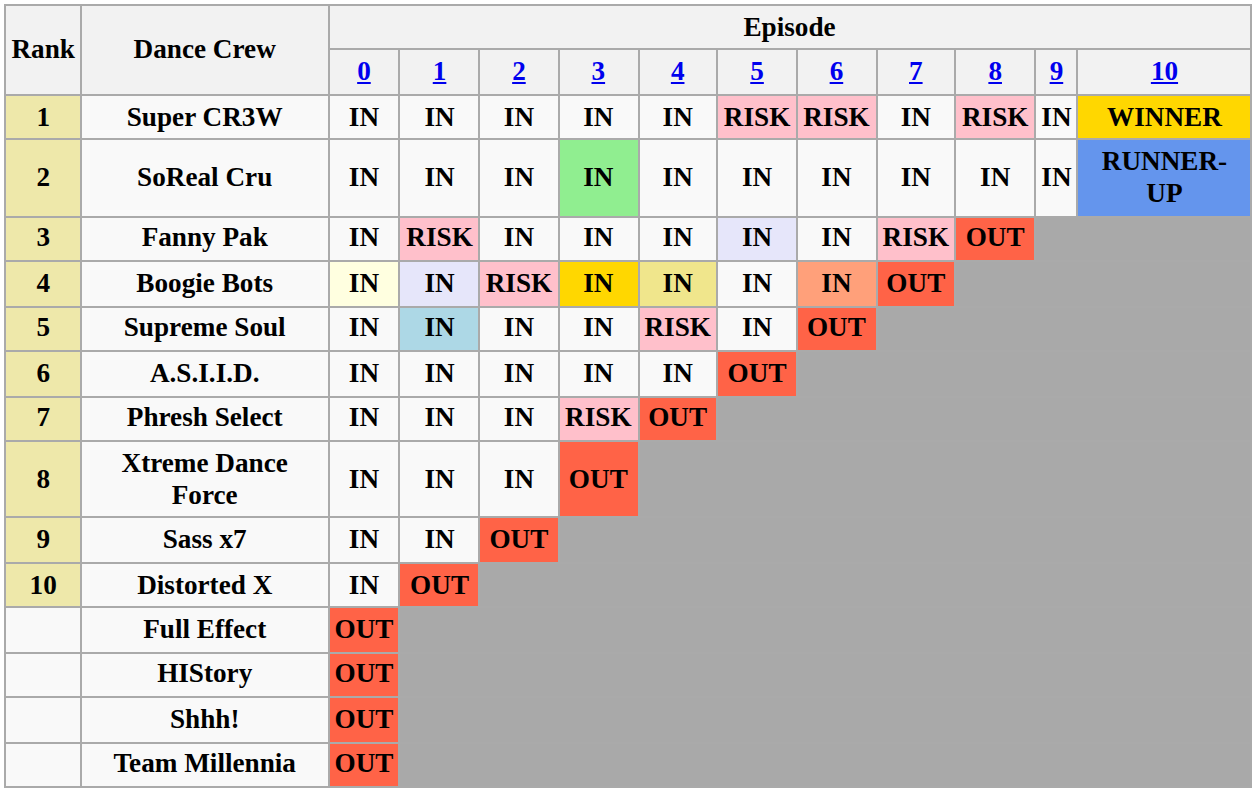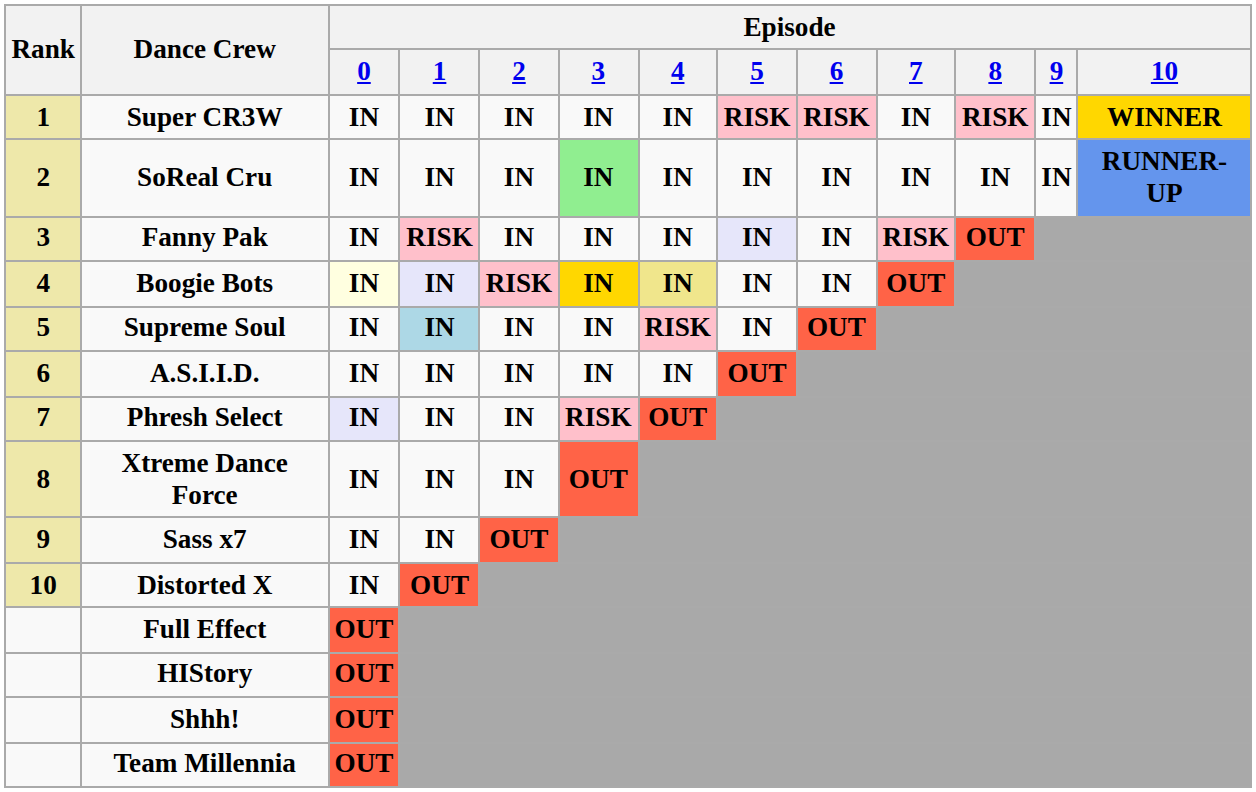 <table class="wikitable" style="margin:1em auto; text-align:center; font-size:85%">
 <tr>
 <th rowspan=2>Rank</th>
 <th rowspan=2>Dance Crew</th>
 <th colspan="18" style="text-align:center;">Episode</th>
 </tr>
 <tr>
 <th><a href='#'>0</a></th>
 <th><a href='#'>1</a></th>
 <th><a href='#'>2</a></th>
 <th><a href='#'>3</a></th>
 <th><a href='#'>4</a></th>
 <th><a href='#'>5</a></th>
 <th><a href='#'>6</a></th>
 <th><a href='#'>7</a></th>
 <th><a href='#'>8</a></th>
 <th><a href='#'>9</a></th>
 <th><a href='#'>10</a></th>
 </tr>
 <tr>
 <td bgcolor="palegoldenrod"><strong>1</strong></td>
 <td><strong>Super CR3W</strong></td>
 <td><strong>IN</strong></td>
 <td><strong>IN</strong></td>
 <td><strong>IN</strong></td>
 <td><strong>IN</strong></td>
 <td><strong>IN</strong></td>
 <td style="background:pink;"><strong>RISK</strong></td>
 <td style="background:pink;"><strong>RISK</strong></td>
 <td><strong>IN</strong></td>
 <td style="background:pink;"><strong>RISK</strong></td>
 <td><strong>IN</strong></td>
 <td style="background:gold;"><strong>WINNER</strong></td>
 </tr>
 <tr>
 <td bgcolor="palegoldenrod"><strong>2</strong></td>
 <td><strong>SoReal Cru</strong></td>
 <td><strong>IN</strong></td>
 <td><strong>IN</strong></td>
 <td><strong>IN</strong></td>
 <td style="background: lightgreen;"><strong>IN</strong></td>
 <td><strong>IN</strong></td>
 <td><strong>IN</strong></td>
 <td><strong>IN</strong></td>
 <td><strong>IN</strong></td>
 <td><strong>IN</strong></td>
 <td><strong>IN</strong></td>
 <td style="background:cornflowerblue;"><strong>RUNNER-UP</strong></td>
 </tr>
 <tr>
 <td bgcolor="palegoldenrod"><strong>3</strong></td>
 <td><strong>Fanny Pak</strong></td>
 <td><strong>IN</strong></td>
 <td style="background:pink;"><strong>RISK</strong></td>
 <td><strong>IN</strong></td>
 <td><strong>IN</strong></td>
 <td><strong>IN</strong></td>
 <td style="background: lavender;"><strong>IN</strong></td>
 <td><strong>IN</strong></td>
 <td style="background:pink;"><strong>RISK</strong></td>
 <td style="background:tomato;"><strong>OUT</strong></td>
 <td style="background:darkgrey;" colspan="2"></td>
 </tr>
 <tr>
 <td bgcolor="palegoldenrod"><strong>4</strong></td>
 <td><strong>Boogie Bots</strong></td>
 <td style="background: lightyellow;"><strong>IN</strong></td>
 <td style="background: lavender;"><strong>IN</strong></td>
 <td style="background:pink;"><strong>RISK</strong></td>
 <td style="background: gold;"><strong>IN</strong></td>
 <td style="background: khaki;"><strong>IN</strong></td>
 <td><strong>IN</strong></td>
-<td style="background: lightsalmon;"><strong>IN</strong></td>
+<td><strong>IN</strong></td>
 <td style="background:tomato;"><strong>OUT</strong></td>
 <td style="background:darkgrey;" colspan="3"></td>
 </tr>
 <tr>
 <td bgcolor="palegoldenrod"><strong>5</strong></td>
 <td><strong>Supreme Soul</strong></td>
 <td><strong>IN</strong></td>
 <td style="background: lightblue;"><strong>IN</strong></td>
 <td><strong>IN</strong></td>
 <td><strong>IN</strong></td>
 <td style="background:pink;"><strong>RISK</strong></td>
 <td><strong>IN</strong></td>
 <td style="background:tomato;"><strong>OUT</strong></td>
 <td style="background:darkgrey;" colspan="4"></td>
 </tr>
 <tr>
 <td bgcolor="palegoldenrod"><strong>6</strong></td>
 <td><strong>A.S.I.I.D.</strong></td>
 <td><strong>IN</strong></td>
 <td><strong>IN</strong></td>
 <td><strong>IN</strong></td>
 <td><strong>IN</strong></td>
 <td><strong>IN</strong></td>
 <td style="background:tomato;"><strong>OUT</strong></td>
 <td style="background:darkgrey;" colspan="5"></td>
 </tr>
 <tr>
 <td bgcolor="palegoldenrod"><strong>7</strong></td>
 <td><strong>Phresh Select</strong></td>
-<td><strong>IN</strong></td>
+<td style="background: lavender;"><strong>IN</strong></td>
 <td><strong>IN</strong></td>
 <td><strong>IN</strong></td>
 <td style="background:pink;"><strong>RISK</strong></td>
 <td style="background:tomato;"><strong>OUT</strong></td>
 <td style="background:darkgrey;" colspan="6"></td>
 </tr>
 <tr>
 <td bgcolor="palegoldenrod"><strong>8</strong></td>
 <td><strong>Xtreme Dance Force</strong></td>
 <td><strong>IN</strong></td>
 <td><strong>IN</strong></td>
 <td><strong>IN</strong></td>
 <td style="background:tomato;"><strong>OUT</strong></td>
 <td style="background:darkgrey;" colspan="7"></td>
 </tr>
 <tr>
 <td bgcolor="palegoldenrod"><strong>9</strong></td>
 <td><strong>Sass x7</strong></td>
 <td><strong>IN</strong></td>
 <td><strong>IN</strong></td>
 <td style="background:tomato;"><strong>OUT</strong></td>
 <td style="background:darkgrey;" colspan="8"></td>
 </tr>
 <tr>
 <td bgcolor="palegoldenrod"><strong>10</strong></td>
 <td><strong>Distorted X</strong></td>
 <td><strong>IN</strong></td>
 <td style="background:tomato;"><strong>OUT</strong></td>
 <td style="background:darkgrey;" colspan="9"></td>
 </tr>
 <tr>
 <td></td>
 <td><strong>Full Effect</strong></td>
 <td style="background:tomato;"><strong>OUT</strong></td>
 <td style="background:darkgrey;" colspan="10"></td>
 </tr>
 <tr>
 <td></td>
 <td><strong>HIStory</strong></td>
 <td style="background:tomato;"><strong>OUT</strong></td>
 <td style="background:darkgrey;" colspan="10"></td>
 </tr>
 <tr>
 <td></td>
 <td><strong>Shhh!</strong></td>
 <td style="background:tomato;"><strong>OUT</strong></td>
 <td style="background:darkgrey;" colspan="10"></td>
 </tr>
 <tr>
 <td></td>
 <td><strong>Team Millennia</strong></td>
 <td style="background:tomato;"><strong>OUT</strong></td>
 <td style="background:darkgrey;" colspan="10"></td>
 </tr>
 <tr>
 </tr>
 </table>
